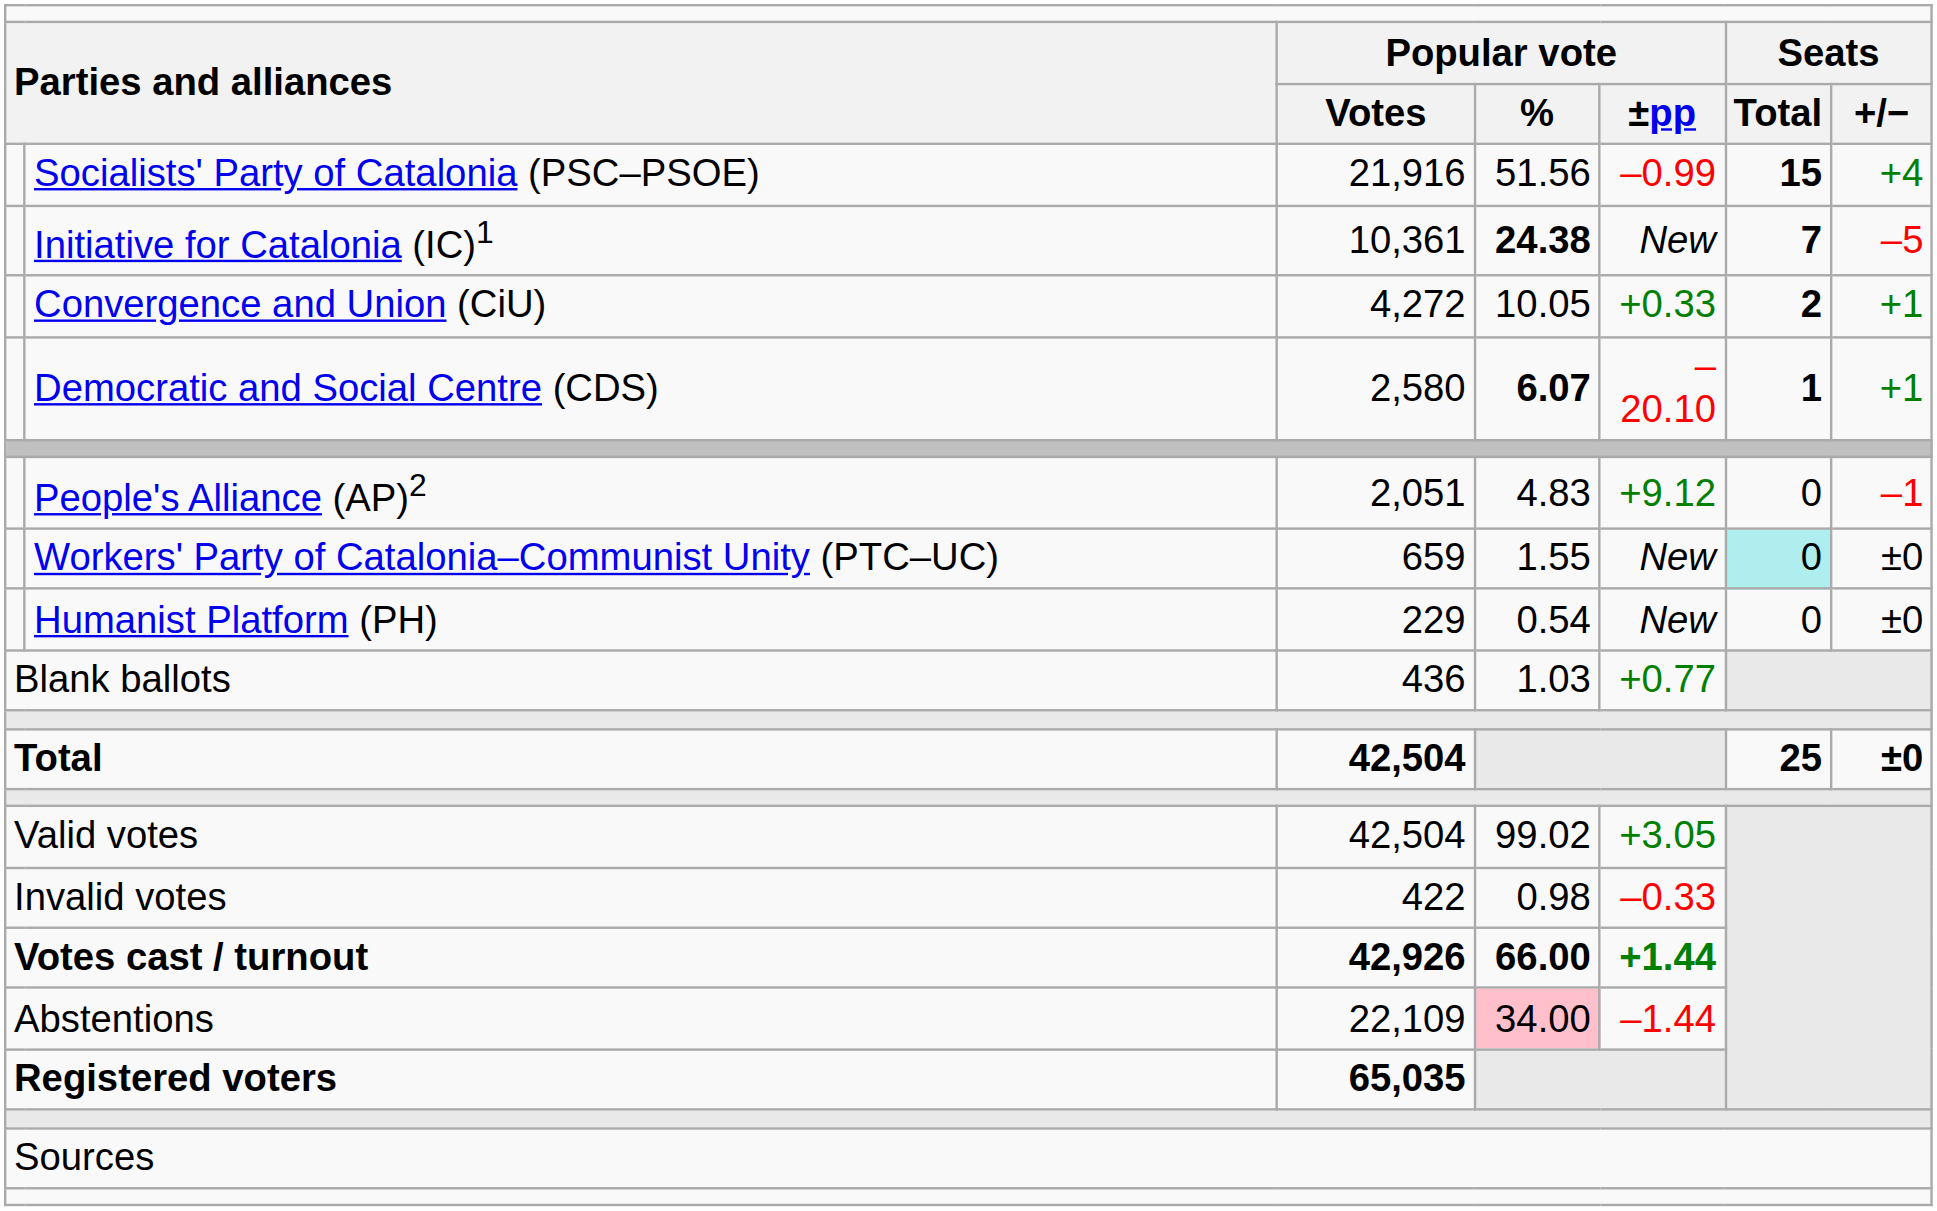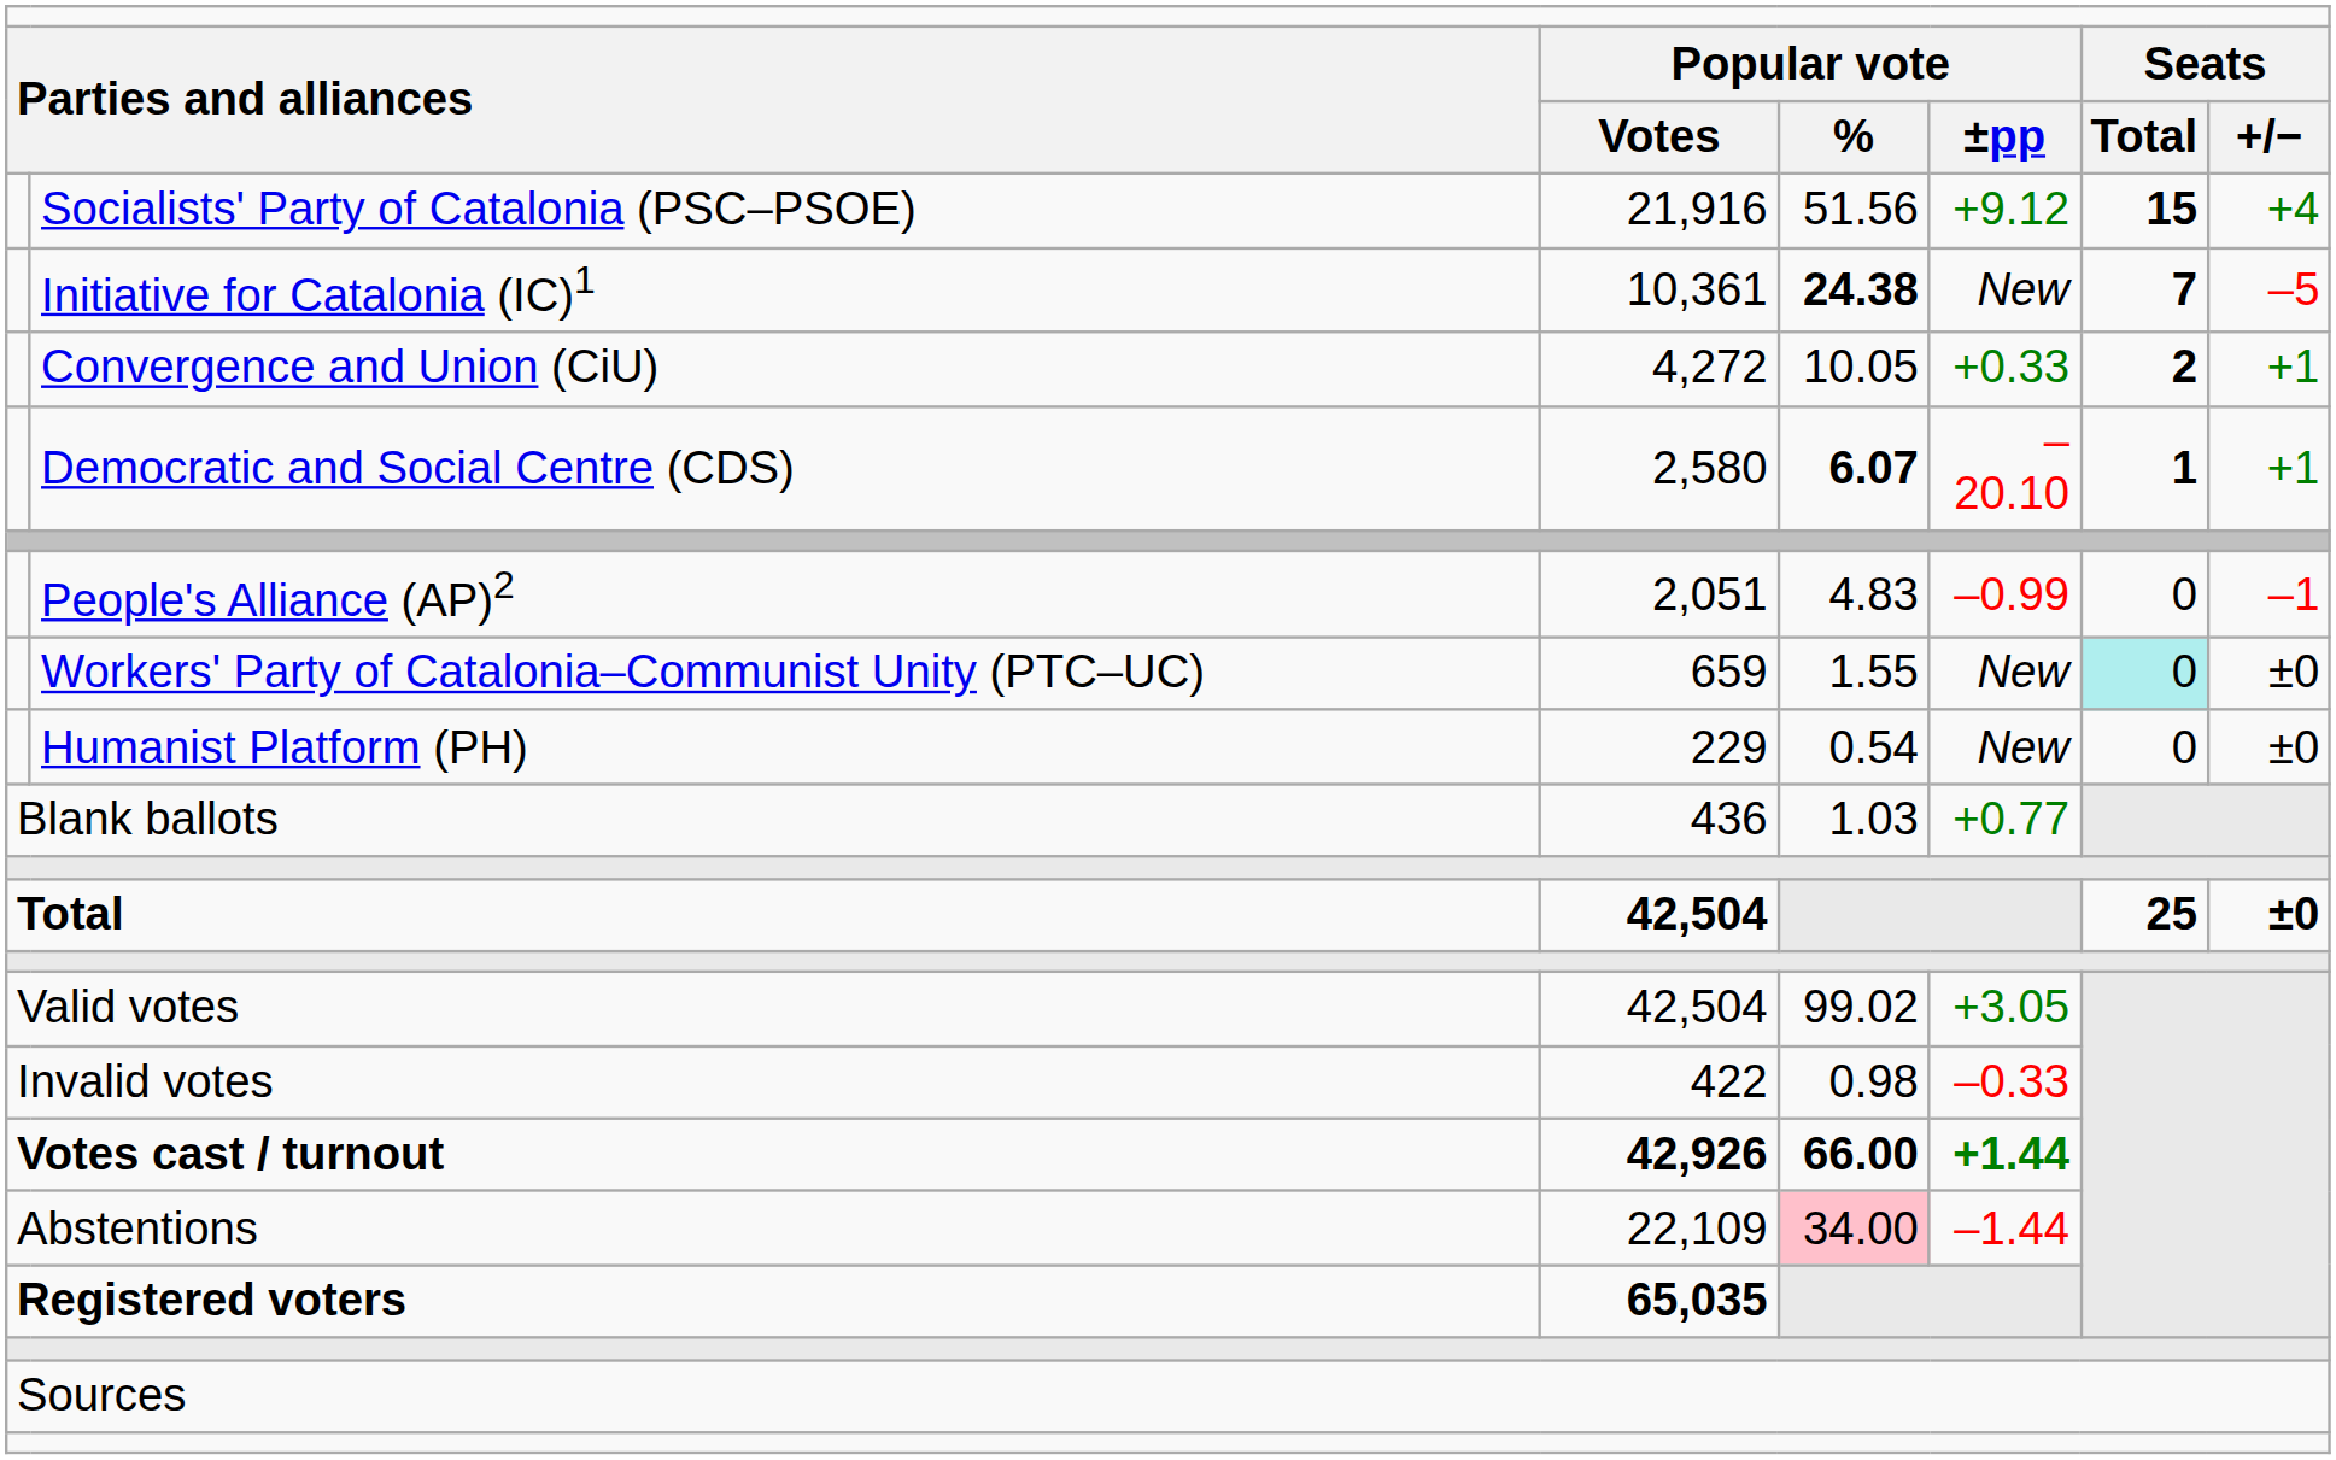 <table class="wikitable" style="text-align:right;">
 <tr>
 <td colspan="7"></td>
 </tr>
 <tr>
 <th style="text-align:left;" rowspan="2" colspan="2" width="525">Parties and alliances</th>
 <th colspan="3">Popular vote</th>
 <th colspan="2">Seats</th>
 </tr>
 <tr>
 <th width="75">Votes</th>
 <th width="45">%</th>
 <th width="45">±<a href='#'>pp</a></th>
 <th width="35">Total</th>
 <th width="35">+/−</th>
 </tr>
 <tr>
 <td width="1" style="color:inherit;background:"></td>
 <td align="left"><a href='#'>Socialists' Party of Catalonia</a> (PSC–PSOE)</td>
 <td>21,916</td>
 <td>51.56</td>
-<td style="color:red;">–0.99</td>
+<td style="color:green;">+9.12</td>
 <td><strong>15</strong></td>
 <td style="color:green;">+4</td>
 </tr>
 <tr>
 <td style="color:inherit;background:"></td>
 <td align="left"><a href='#'>Initiative for Catalonia</a> (IC)<sup>1</sup></td>
 <td>10,361</td>
 <td><strong>24.38</strong></td>
 <td><em>New</em></td>
 <td><strong>7</strong></td>
 <td style="color:red;">–5</td>
 </tr>
 <tr>
 <td style="color:inherit;background:"></td>
 <td align="left"><a href='#'>Convergence and Union</a> (CiU)</td>
 <td>4,272</td>
 <td>10.05</td>
 <td style="color:green;">+0.33</td>
 <td><strong>2</strong></td>
 <td style="color:green;">+1</td>
 </tr>
 <tr>
 <td style="color:inherit;background:"></td>
 <td align="left"><a href='#'>Democratic and Social Centre</a> (CDS)</td>
 <td>2,580</td>
 <td><strong>6.07</strong></td>
 <td style="color:red;">–20.10</td>
 <td><strong>1</strong></td>
 <td style="color:green;">+1</td>
 </tr>
 <tr>
 <td colspan="7" style="color:inherit;background:#C0C0C0"></td>
 </tr>
 <tr>
 <td style="color:inherit;background:"></td>
 <td align="left"><a href='#'>People's Alliance</a> (AP)<sup>2</sup></td>
 <td>2,051</td>
 <td>4.83</td>
-<td style="color:green;">+9.12</td>
+<td style="color:red;">–0.99</td>
 <td>0</td>
 <td style="color:red;">–1</td>
 </tr>
 <tr>
 <td style="color:inherit;background:"></td>
 <td align="left"><a href='#'>Workers' Party of Catalonia–Communist Unity</a> (PTC–UC)</td>
 <td>659</td>
 <td>1.55</td>
 <td><em>New</em></td>
 <td style="background: paleturquoise;">0</td>
 <td>±0</td>
 </tr>
 <tr>
 <td style="color:inherit;background:"></td>
 <td align="left"><a href='#'>Humanist Platform</a> (PH)</td>
 <td>229</td>
 <td>0.54</td>
 <td><em>New</em></td>
 <td>0</td>
 <td>±0</td>
 </tr>
 <tr>
 <td align="left" colspan="2">Blank ballots</td>
 <td>436</td>
 <td>1.03</td>
 <td style="color:green;">+0.77</td>
 <td style="color:inherit;background:#E9E9E9" colspan="2"></td>
 </tr>
 <tr>
 <td colspan="7" style="color:inherit;background:#E9E9E9"></td>
 </tr>
 <tr style="font-weight:bold;">
 <td align="left" colspan="2">Total</td>
 <td>42,504</td>
 <td bgcolor="#E9E9E9" colspan="2"></td>
 <td>25</td>
 <td>±0</td>
 </tr>
 <tr>
 <td colspan="7" style="color:inherit;background:#E9E9E9"></td>
 </tr>
 <tr>
 <td align="left" colspan="2">Valid votes</td>
 <td>42,504</td>
 <td>99.02</td>
 <td style="color:green;">+3.05</td>
 <td bgcolor="#E9E9E9" colspan="2" rowspan="5"></td>
 </tr>
 <tr>
 <td align="left" colspan="2">Invalid votes</td>
 <td>422</td>
 <td>0.98</td>
 <td style="color:red;">–0.33</td>
 </tr>
 <tr style="font-weight:bold;">
 <td align="left" colspan="2">Votes cast / turnout</td>
 <td>42,926</td>
 <td>66.00</td>
 <td style="color:green;">+1.44</td>
 </tr>
 <tr>
 <td align="left" colspan="2">Abstentions</td>
 <td>22,109</td>
 <td style="background: pink;">34.00</td>
 <td style="color:red;">–1.44</td>
 </tr>
 <tr style="font-weight:bold;">
 <td align="left" colspan="2">Registered voters</td>
 <td>65,035</td>
 <td bgcolor="#E9E9E9" colspan="2"></td>
 </tr>
 <tr>
 <td colspan="7" style="color:inherit;background:#E9E9E9"></td>
 </tr>
 <tr>
 <td align="left" colspan="7">Sources</td>
 </tr>
 <tr>
 <td colspan="7" style="text-align:left; max-width:790px;"></td>
 </tr>
 </table>
